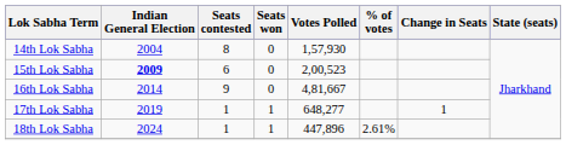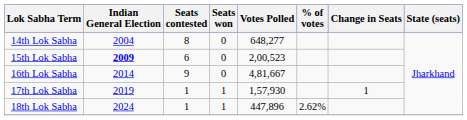 <table class="wikitable sortable" style="text-align:center;">
 <tr style="background:#00f;">
 <th Style="background-color:">Lok Sabha Term</th>
 <th Style="background-color:">Indian<br>General Election</th>
 <th Style="background-color:">Seats<br>contested</th>
 <th Style="background-color:">Seats<br>won</th>
 <th Style="background-color:">Votes Polled</th>
 <th Style="background-color:">% of<br> votes</th>
 <th Style="background-color:">Change in Seats</th>
 <th Style="background-color:">State (seats)</th>
 </tr>
 <tr>
 <td><a href='#'>14th Lok Sabha</a></td>
 <td><a href='#'>2004</a></td>
 <td>8</td>
 <td>0</td>
-<td>1,57,930</td>
+<td>648,277</td>
 <td></td>
 <td></td>
 <td rowspan =5><a href='#'>Jharkhand</a></td>
 </tr>
 <tr>
 <td><a href='#'>15th Lok Sabha</a></td>
 <td><strong><a href='#'>2009</a></strong></td>
 <td>6</td>
 <td>0</td>
 <td>2,00,523</td>
 <td></td>
 <td></td>
 </tr>
 <tr>
 <td><a href='#'>16th Lok Sabha</a></td>
 <td><a href='#'>2014</a></td>
 <td>9</td>
 <td>0</td>
 <td>4,81,667</td>
 <td></td>
 <td></td>
 </tr>
 <tr>
 <td><a href='#'>17th Lok Sabha</a></td>
 <td><a href='#'>2019</a></td>
 <td>1</td>
 <td>1</td>
-<td>648,277</td>
+<td>1,57,930</td>
 <td></td>
 <td>1</td>
 </tr>
 <tr>
 <td><a href='#'>18th Lok Sabha</a></td>
 <td><a href='#'>2024</a></td>
 <td>1</td>
 <td>1</td>
 <td>447,896</td>
-<td>2.61%</td>
+<td>2.62%</td>
 <td></td>
 </tr>
 <tr>
 </tr>
 </table>
